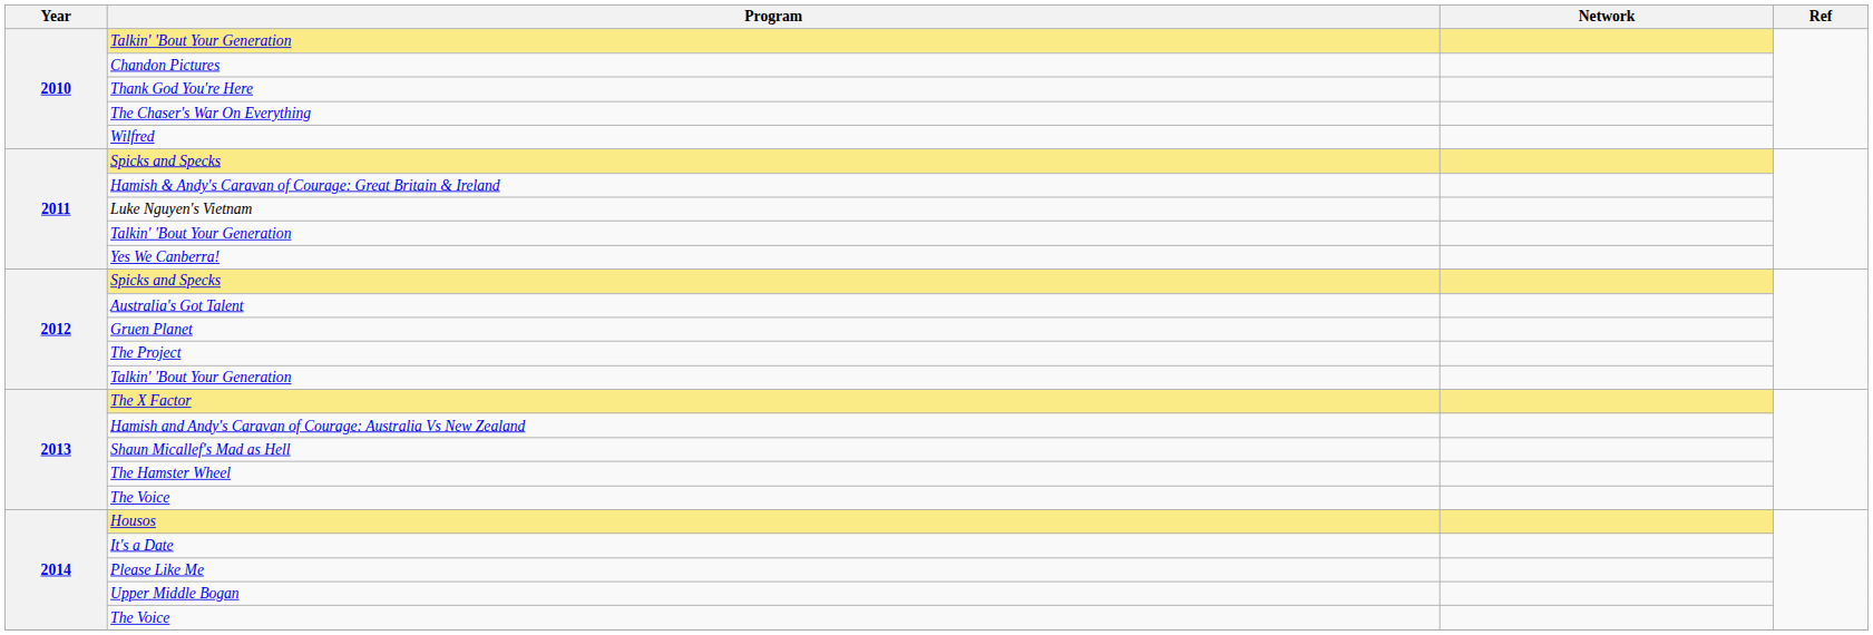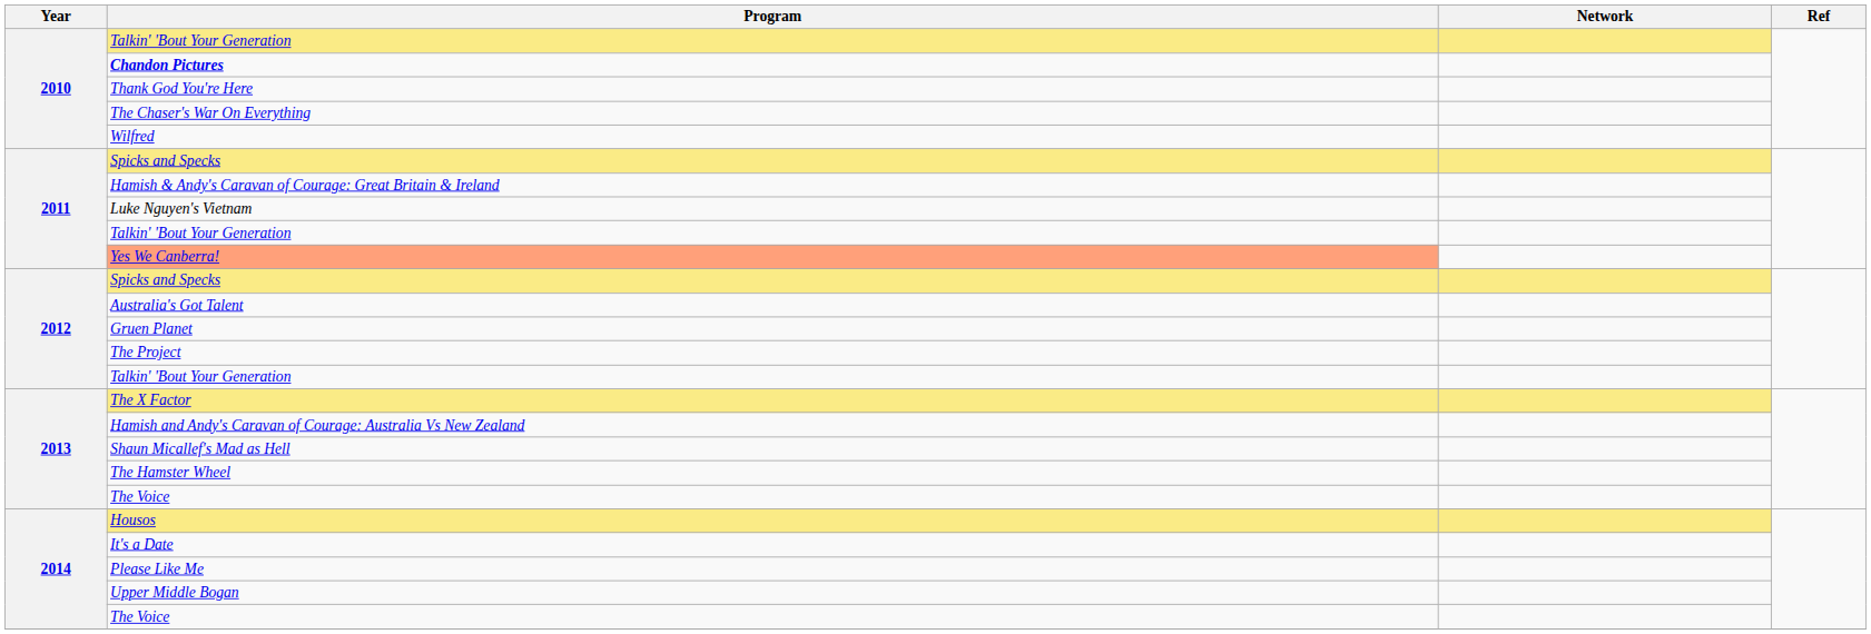 <table class="wikitable sortable">
 <tr style="background:#bebebe;">
 <th scope="col" style="width:1%;">Year</th>
 <th scope="col" style="width:16%;">Program</th>
 <th scope="col" style="width:4%;">Network</th>
 <th scope="col" style="width:1%;" class="unsortable">Ref</th>
 </tr>
 <tr>
 <th scope="row" rowspan="5" style="text-align:center"><a href='#'>2010</a></th>
 <td style="background:#FAEB86"><em><a href='#'>Talkin' 'Bout Your Generation</a></em></td>
 <td style="background:#FAEB86"></td>
 <td rowspan="5"></td>
 </tr>
 <tr>
-<td><em><a href='#'>Chandon Pictures</a></em></td>
+<td><strong><em><a href='#'>Chandon Pictures</a></em></strong></td>
 <td></td>
 </tr>
 <tr>
 <td><em><a href='#'>Thank God You're Here</a></em></td>
 <td></td>
 </tr>
 <tr>
 <td><em><a href='#'>The Chaser's War On Everything</a></em></td>
 <td></td>
 </tr>
 <tr>
 <td><em><a href='#'>Wilfred</a></em></td>
 <td></td>
 </tr>
 <tr>
 <th scope="row" rowspan="5" style="text-align:center"><a href='#'>2011</a></th>
 <td style="background:#FAEB86"><em><a href='#'>Spicks and Specks</a></em></td>
 <td style="background:#FAEB86"></td>
 <td rowspan="5"></td>
 </tr>
 <tr>
 <td><em><a href='#'>Hamish & Andy's Caravan of Courage: Great Britain & Ireland</a></em></td>
 <td></td>
 </tr>
 <tr>
 <td><em>Luke Nguyen's Vietnam</em></td>
 <td></td>
 </tr>
 <tr>
 <td><em><a href='#'>Talkin' 'Bout Your Generation</a></em></td>
 <td></td>
 </tr>
 <tr>
-<td><em><a href='#'>Yes We Canberra!</a></em></td>
+<td style="background: lightsalmon;"><em><a href='#'>Yes We Canberra!</a></em></td>
 <td></td>
 </tr>
 <tr>
 <th scope="row" rowspan="5" style="text-align:center"><a href='#'>2012</a></th>
 <td style="background:#FAEB86"><em><a href='#'>Spicks and Specks</a></em></td>
 <td style="background:#FAEB86"></td>
 <td rowspan="5"></td>
 </tr>
 <tr>
 <td><em><a href='#'>Australia's Got Talent</a></em></td>
 <td></td>
 </tr>
 <tr>
 <td><em><a href='#'>Gruen Planet</a></em></td>
 <td></td>
 </tr>
 <tr>
 <td><em><a href='#'>The Project</a></em></td>
 <td></td>
 </tr>
 <tr>
 <td><em><a href='#'>Talkin' 'Bout Your Generation</a></em></td>
 <td></td>
 </tr>
 <tr>
 <th scope="row" rowspan="5" style="text-align:center"><a href='#'>2013</a></th>
 <td style="background:#FAEB86"><em><a href='#'>The X Factor</a></em></td>
 <td style="background:#FAEB86"></td>
 <td rowspan="5"></td>
 </tr>
 <tr>
 <td><em><a href='#'>Hamish and Andy's Caravan of Courage: Australia Vs New Zealand</a></em></td>
 <td></td>
 </tr>
 <tr>
 <td><em><a href='#'>Shaun Micallef's Mad as Hell</a></em></td>
 <td></td>
 </tr>
 <tr>
 <td><em><a href='#'>The Hamster Wheel</a></em></td>
 <td></td>
 </tr>
 <tr>
 <td><em><a href='#'>The Voice</a></em></td>
 <td></td>
 </tr>
 <tr>
 <th scope="row" rowspan="5" style="text-align:center"><a href='#'>2014</a></th>
 <td style="background:#FAEB86"><em><a href='#'>Housos</a></em></td>
 <td style="background:#FAEB86"></td>
 <td rowspan="5"></td>
 </tr>
 <tr>
 <td><em><a href='#'>It's a Date</a></em></td>
 <td></td>
 </tr>
 <tr>
 <td><em><a href='#'>Please Like Me</a></em></td>
 <td></td>
 </tr>
 <tr>
 <td><em><a href='#'>Upper Middle Bogan</a></em></td>
 <td></td>
 </tr>
 <tr>
 <td><em><a href='#'>The Voice</a></em></td>
 <td></td>
 </tr>
 <tr>
 </tr>
 </table>
